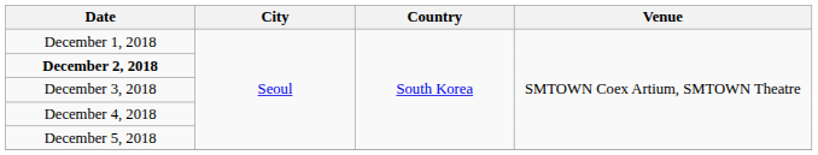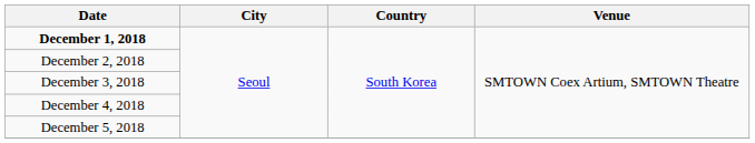 <table class="wikitable" style="text-align:center;">
 <tr>
 <th scope="col" style="width:12em;">Date</th>
 <th scope="col" style="width:10em;">City</th>
 <th scope="col" style="width:10em;">Country</th>
 <th scope="col" style="width:19em;">Venue</th>
 </tr>
 <tr>
-<td>December 1, 2018</td>
+<td><strong>December 1, 2018</strong></td>
 <td rowspan="5"><a href='#'>Seoul</a></td>
 <td rowspan="5"><a href='#'>South Korea</a></td>
 <td rowspan="5">SMTOWN Coex Artium, SMTOWN Theatre</td>
 </tr>
 <tr>
-<td><strong>December 2, 2018</strong></td>
+<td>December 2, 2018</td>
 </tr>
 <tr>
 <td>December 3, 2018</td>
 </tr>
 <tr>
 <td>December 4, 2018</td>
 </tr>
 <tr>
 <td>December 5, 2018</td>
 </tr>
 <tr>
 </tr>
 </table>
